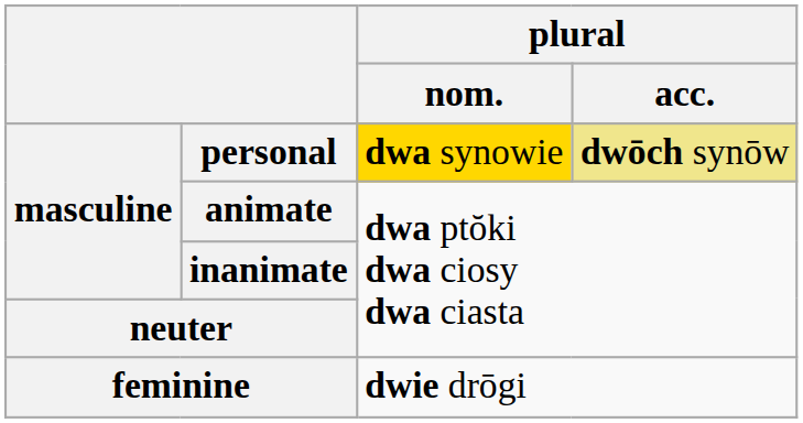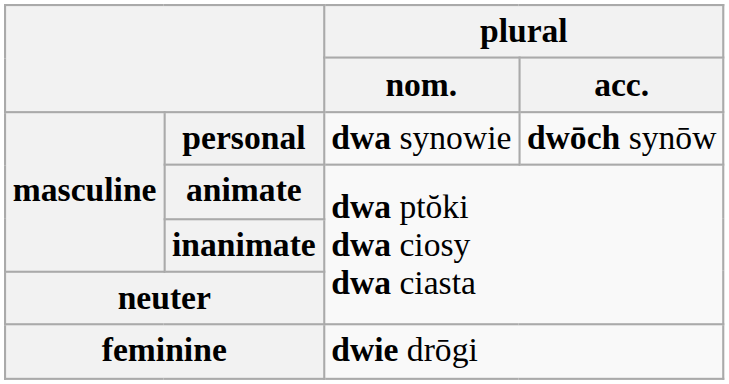 <table class="wikitable">
 <tr>
 <th colspan="2" rowspan="2"></th>
 <th colspan="2">plural</th>
 </tr>
 <tr>
 <th>nom.</th>
 <th>acc.</th>
 </tr>
 <tr>
 <th rowspan="3"><strong>masculine</strong></th>
 <th>personal</th>
-<td style="background: gold;"><strong>dwa</strong> synowie</td>
-<td style="background: khaki;"><strong>dwōch</strong> synōw</td>
+<td><strong>dwa</strong> synowie</td>
+<td><strong>dwōch</strong> synōw</td>
 </tr>
 <tr>
 <th>animate</th>
 <td colspan="2" rowspan="3"><strong>dwa</strong> ptŏki<br><strong>dwa</strong> ciosy<br><strong>dwa</strong> ciasta</td>
 </tr>
 <tr>
 <th>inanimate</th>
 </tr>
 <tr>
 <th colspan="2"><strong>neuter</strong></th>
 </tr>
 <tr>
 <th colspan="2"><strong>feminine</strong></th>
 <td colspan="2"><strong>dwie</strong> drōgi</td>
 </tr>
 </table>
